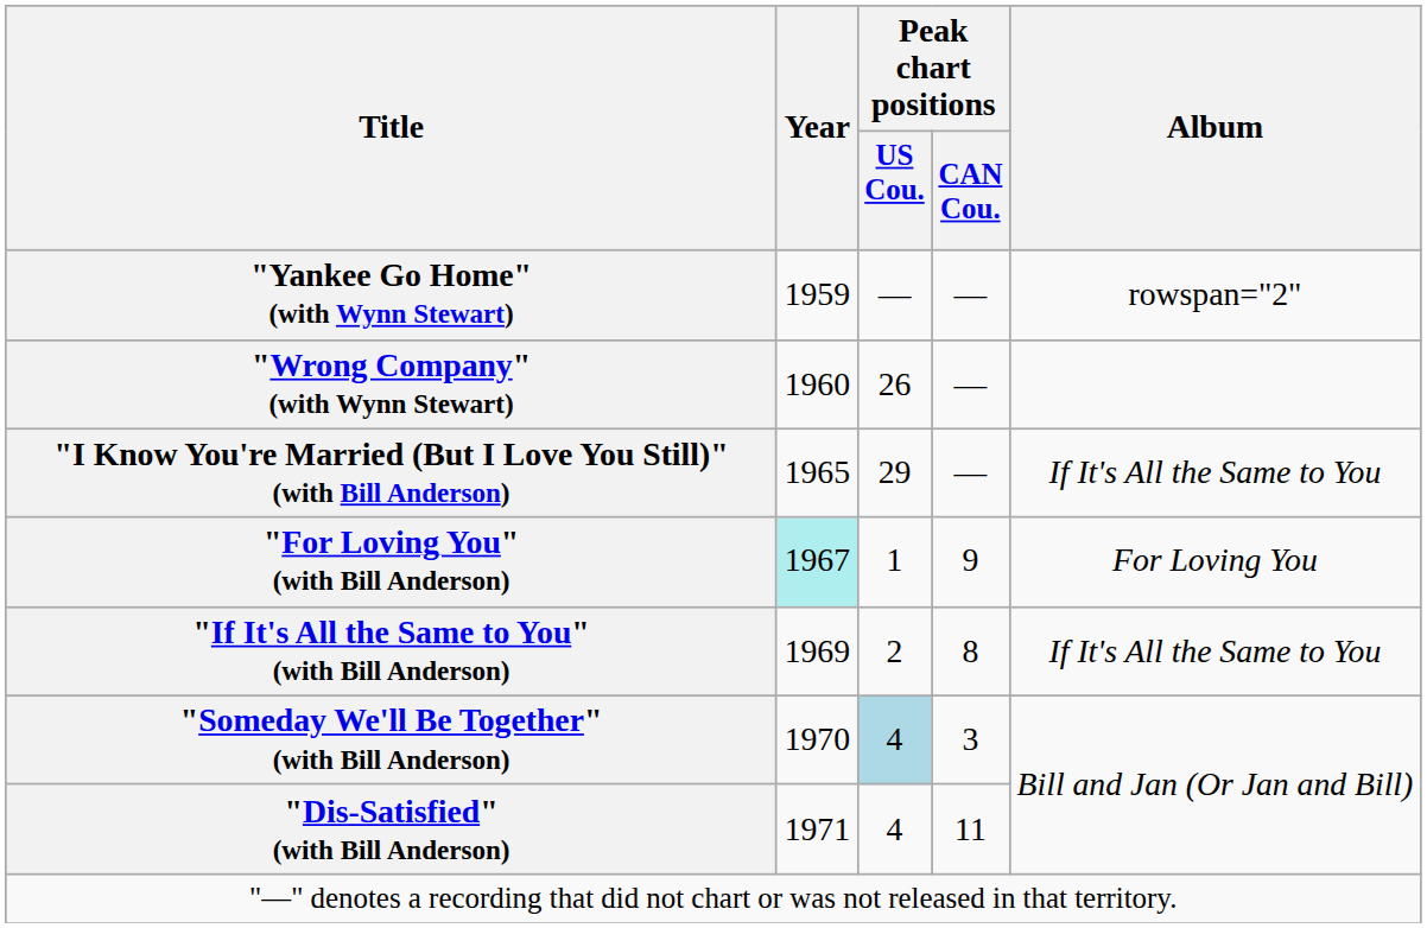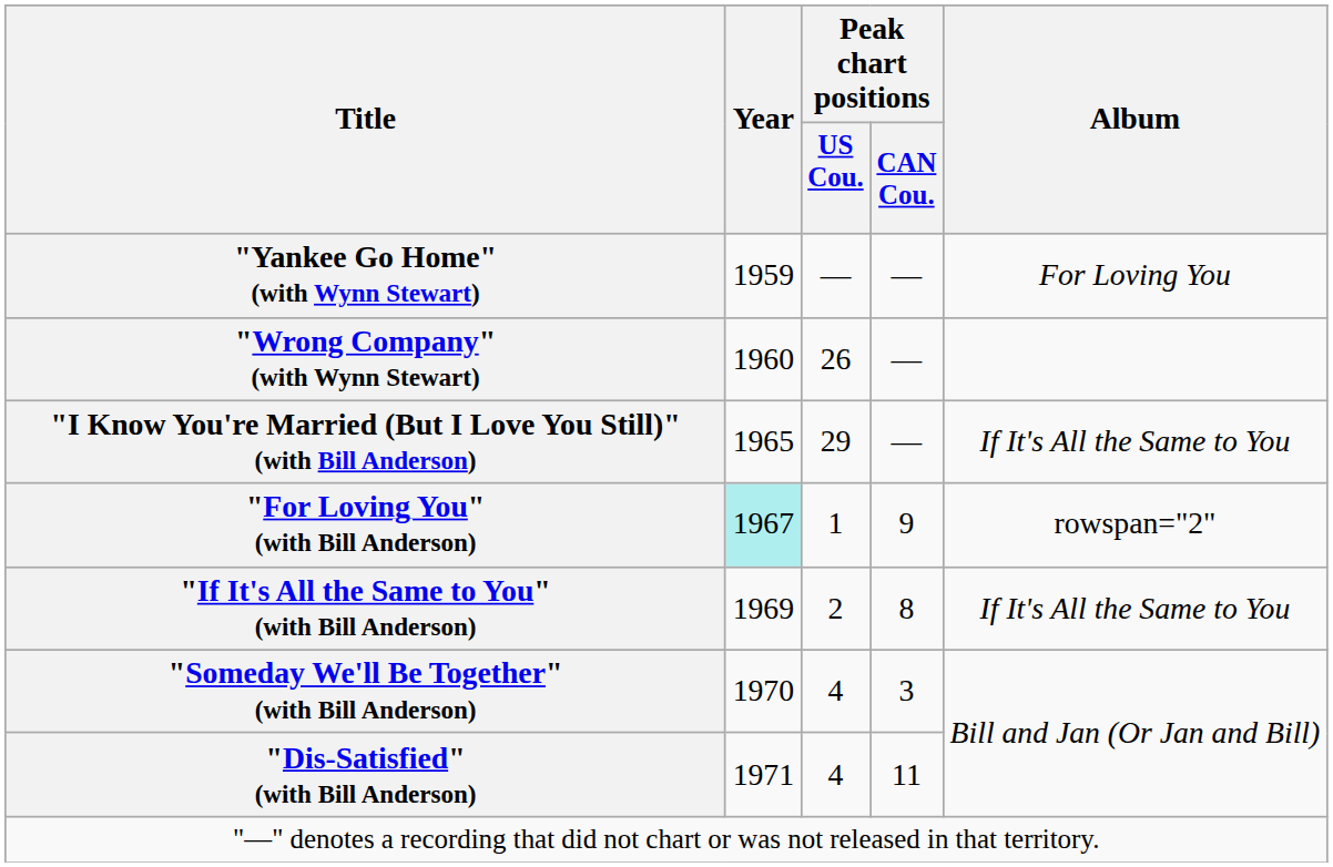 <table class="wikitable plainrowheaders" style="text-align:center;" border="1">
 <tr>
 <th scope="col" rowspan="2" style="width:23em;">Title</th>
 <th scope="col" rowspan="2">Year</th>
 <th scope="col" colspan="2">Peak chart<br>positions</th>
 <th scope="col" rowspan="2">Album</th>
 </tr>
 <tr>
 <th scope="col" style="width:2em;font-size:90%;"><a href='#'>US<br>Cou.</a><br><br></th>
 <th scope="col" style="width:2em;font-size:90%;"><a href='#'>CAN<br>Cou.</a><br></th>
 </tr>
 <tr>
 <th scope="row">"Yankee Go Home"<br><small>(with <a href='#'>Wynn Stewart</a>)</small></th>
 <td>1959</td>
 <td>—</td>
 <td>—</td>
-<td>rowspan="2" </td>
+<td><em>For Loving You</em></td>
 </tr>
 <tr>
 <th scope="row">"<a href='#'>Wrong Company</a>"<br><small>(with Wynn Stewart)</small></th>
 <td>1960</td>
 <td>26</td>
 <td>—</td>
 </tr>
 <tr>
 <th scope="row">"I Know You're Married (But I Love You Still)"<br><small>(with <a href='#'>Bill Anderson</a>)</small></th>
 <td>1965</td>
 <td>29</td>
 <td>—</td>
 <td><em>If It's All the Same to You</em></td>
 </tr>
 <tr>
 <th scope="row">"<a href='#'>For Loving You</a>"<br><small>(with Bill Anderson)</small></th>
 <td style="background: paleturquoise;">1967</td>
 <td>1</td>
 <td>9</td>
-<td><em>For Loving You</em></td>
+<td>rowspan="2" </td>
 </tr>
 <tr>
 <th scope="row">"<a href='#'>If It's All the Same to You</a>"<br><small>(with Bill Anderson)</small></th>
 <td>1969</td>
 <td>2</td>
 <td>8</td>
 <td><em>If It's All the Same to You</em></td>
 </tr>
 <tr>
 <th scope="row">"<a href='#'>Someday We'll Be Together</a>"<br><small>(with Bill Anderson)</small></th>
 <td>1970</td>
-<td style="background: lightblue;">4</td>
+<td>4</td>
 <td>3</td>
 <td rowspan="2"><em>Bill and Jan (Or Jan and Bill)</em></td>
 </tr>
 <tr>
 <th scope="row">"<a href='#'>Dis-Satisfied</a>"<br><small>(with Bill Anderson)</small></th>
 <td>1971</td>
 <td>4</td>
 <td>11</td>
 </tr>
 <tr>
 <td colspan="5" style="font-size:90%">"—" denotes a recording that did not chart or was not released in that territory.</td>
 </tr>
 </table>
